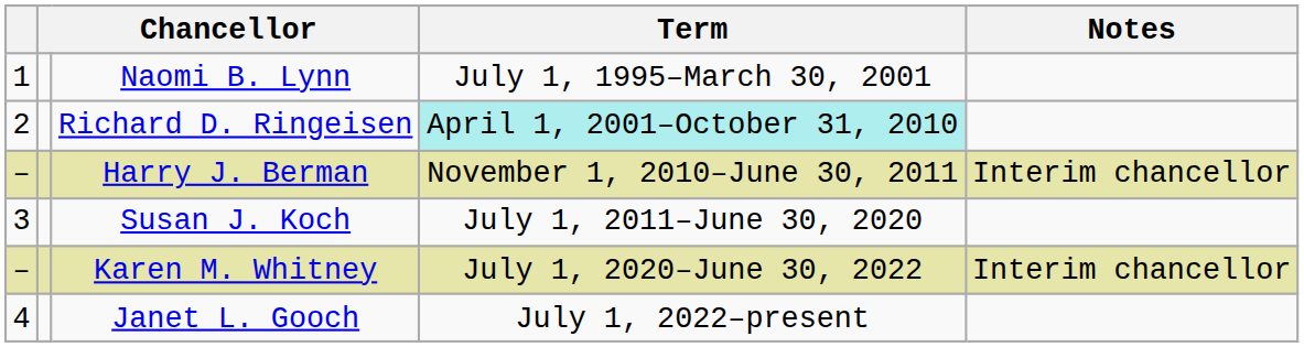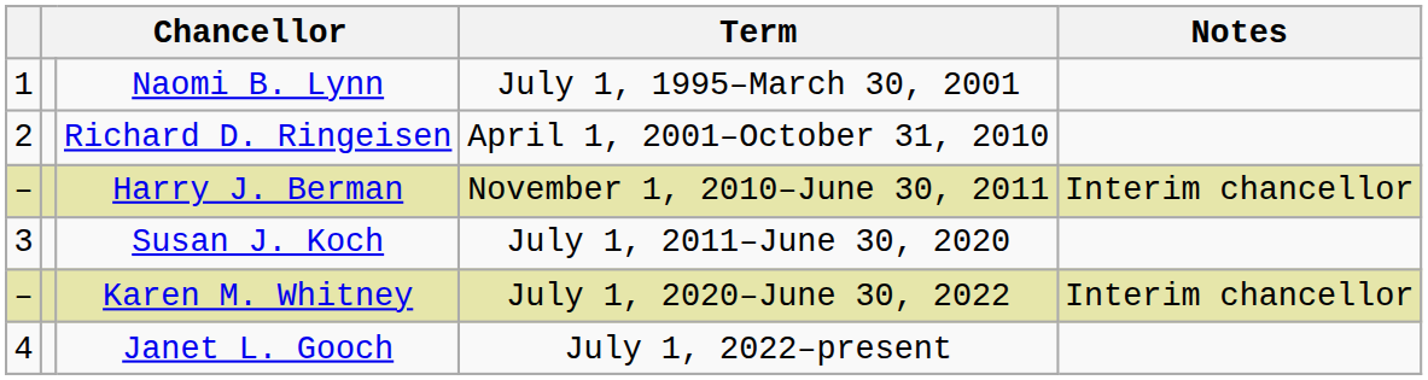 <table class="wikitable table" style="text-align:center;">
 <tr>
 <th></th>
 <th colspan=2 scope="col">Chancellor</th>
 <th>Term</th>
 <th>Notes</th>
 </tr>
 <tr>
 <td>1</td>
 <td data-sort-value="Lynn, Naomi B."></td>
 <td><a href='#'>Naomi B. Lynn</a></td>
 <td>July 1, 1995–March 30, 2001</td>
 <td></td>
 </tr>
 <tr>
 <td>2</td>
 <td data-sort-value="Ringeisen, Richard D."></td>
 <td><a href='#'>Richard D. Ringeisen</a></td>
-<td style="background: paleturquoise;">April 1, 2001–October 31, 2010</td>
+<td>April 1, 2001–October 31, 2010</td>
 <td></td>
 </tr>
 <tr bgcolor="#e6e6aa">
 <td>–</td>
 <td data-sort-value="Berman, Harry J."></td>
 <td><a href='#'>Harry J. Berman</a></td>
 <td>November 1, 2010–June 30, 2011</td>
 <td>Interim chancellor</td>
 </tr>
 <tr>
 <td>3</td>
 <td data-sort-value="Koch, Susan"></td>
 <td><a href='#'>Susan J. Koch</a></td>
 <td>July 1, 2011–June 30, 2020</td>
 <td></td>
 </tr>
 <tr bgcolor="#e6e6aa">
 <td>–</td>
 <td data-sort-value="Whitney, Karen M."></td>
 <td><a href='#'>Karen M. Whitney</a></td>
 <td>July 1, 2020–June 30, 2022</td>
 <td>Interim chancellor</td>
 </tr>
 <tr>
 <td>4</td>
 <td data-sort-value="Gooch, Janet L."></td>
 <td><a href='#'>Janet L. Gooch</a></td>
 <td>July 1, 2022–present</td>
 <td></td>
 </tr>
 </table>
